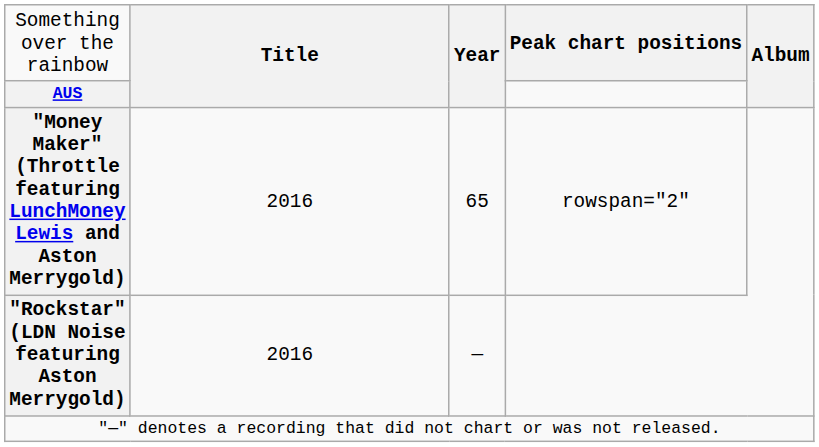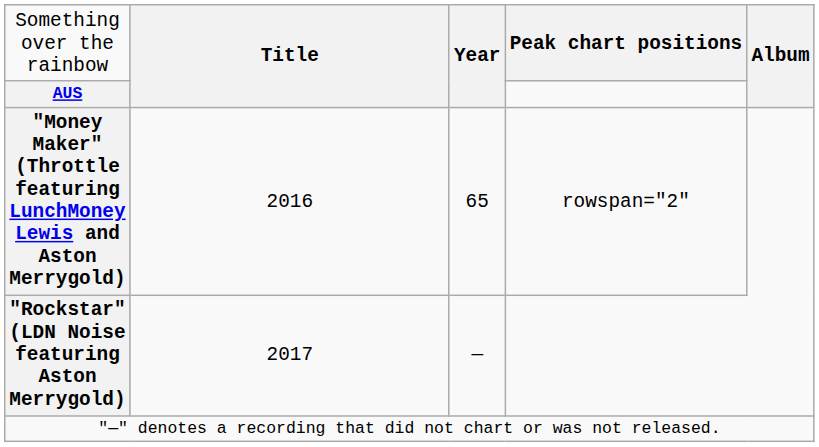 <table class="wikitable plainrowheaders" style="text-align:center;">
 <tr>
 <td>Something over the rainbow</td>
 <th scope="col" rowspan="2" style="width:16em;">Title</th>
 <th scope="col" rowspan="2" style="width:1em;">Year</th>
 <th scope="col" colspan="1">Peak chart positions</th>
 <th scope="col" rowspan="2">Album</th>
 </tr>
 <tr>
 <th scope="col" style="width:3em;font-size:85%;"><a href='#'>AUS</a><br></th>
 </tr>
 <tr>
 <th scope="row">"Money Maker"<br><span>(Throttle featuring <a href='#'>LunchMoney Lewis</a> and Aston Merrygold)</span></th>
 <td>2016</td>
 <td>65</td>
 <td>rowspan="2" </td>
 </tr>
 <tr>
 <th scope="row">"Rockstar"<br><span>(LDN Noise featuring Aston Merrygold)</span></th>
-<td>2016</td>
+<td>2017</td>
 <td>—</td>
 </tr>
 <tr>
 <td style="font-size:85%;" colspan="22">"—" denotes a recording that did not chart or was not released.</td>
 </tr>
 </table>
